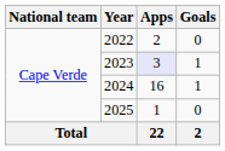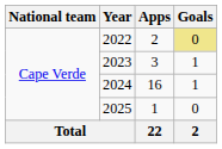 <table class="wikitable" style="text-align:center">
 <tr>
 <th>National team</th>
 <th>Year</th>
 <th>Apps</th>
 <th>Goals</th>
 </tr>
 <tr>
 <td rowspan="4"><a href='#'>Cape Verde</a></td>
 <td>2022</td>
 <td>2</td>
-<td>0</td>
+<td style="background: khaki;">0</td>
 </tr>
 <tr>
 <td>2023</td>
-<td style="background: lavender;">3</td>
+<td>3</td>
 <td>1</td>
 </tr>
 <tr>
 <td>2024</td>
 <td>16</td>
 <td>1</td>
 </tr>
 <tr>
 <td>2025</td>
 <td>1</td>
 <td>0</td>
 </tr>
 <tr>
 <th colspan="2">Total</th>
 <th>22</th>
 <th>2</th>
 </tr>
 </table>
